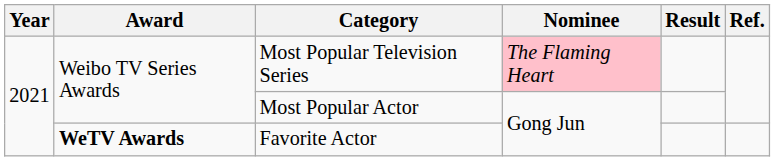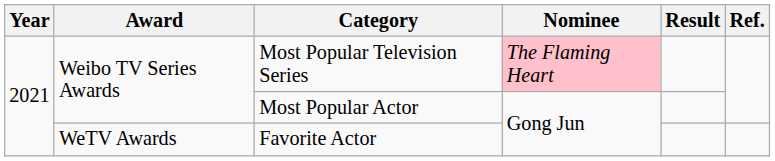 <table class="wikitable sortable">
 <tr>
 <th>Year</th>
 <th>Award</th>
 <th>Category</th>
 <th>Nominee</th>
 <th>Result</th>
 <th><abbr>Ref.</abbr></th>
 </tr>
 <tr>
 <td rowspan="3">2021</td>
 <td rowspan="2">Weibo TV Series Awards</td>
 <td>Most Popular Television Series</td>
 <td style="background: pink;"><em>The Flaming Heart</em></td>
 <td></td>
 <td rowspan="2"></td>
 </tr>
 <tr>
 <td>Most Popular Actor</td>
 <td rowspan="2">Gong Jun</td>
 <td></td>
 </tr>
 <tr>
-<td><strong>WeTV Awards</strong></td>
+<td>WeTV Awards</td>
 <td>Favorite Actor</td>
 <td></td>
 <td></td>
 </tr>
 </table>
